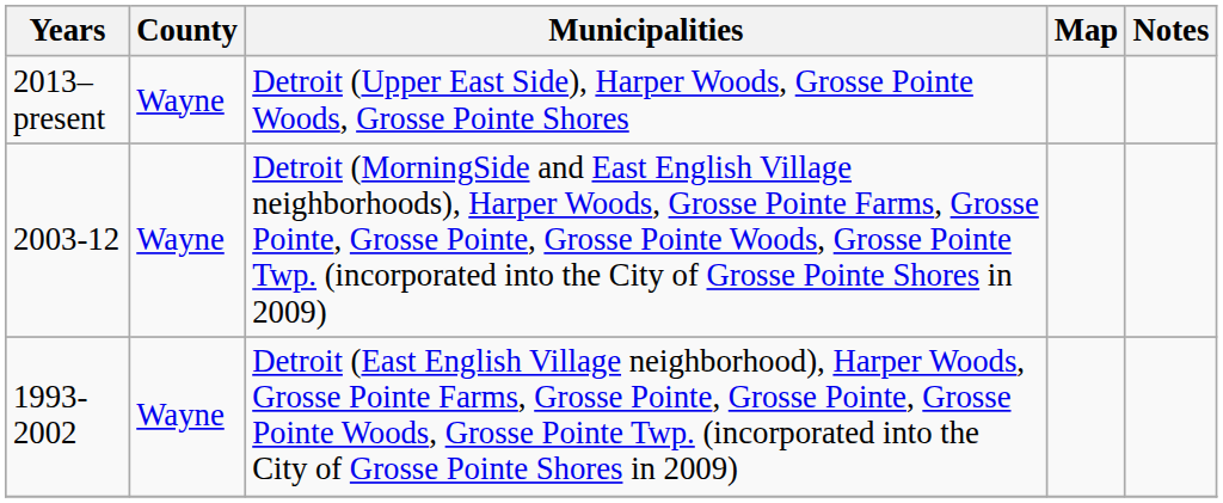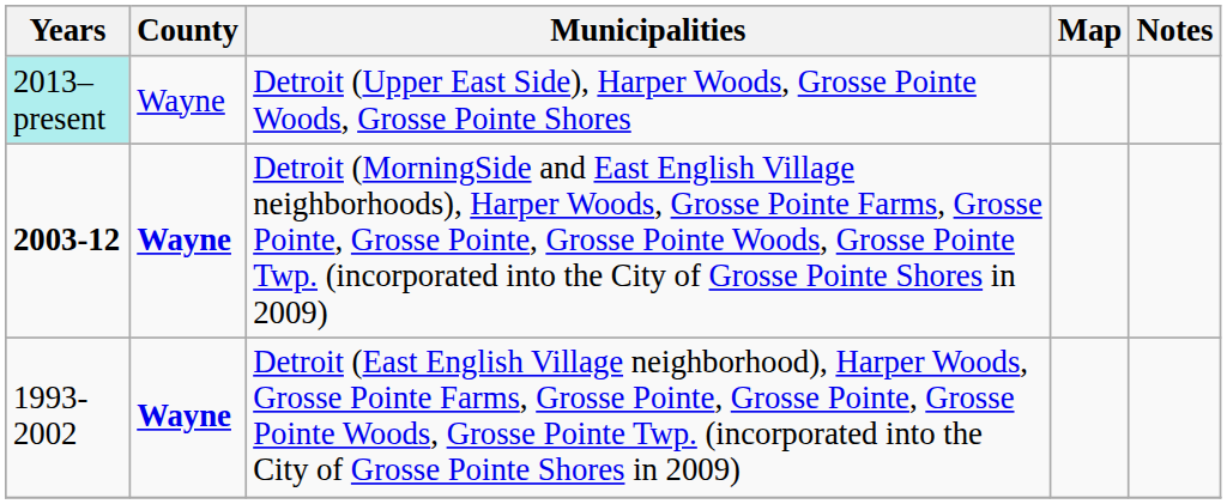 <table class=wikitable>
 <tr valign=bottom>
 <th>Years</th>
 <th>County</th>
 <th>Municipalities</th>
 <th>Map</th>
 <th>Notes</th>
 </tr>
 <tr>
-<td>2013–present</td>
+<td style="background: paleturquoise;">2013–present</td>
 <td><a href='#'>Wayne</a></td>
 <td><a href='#'>Detroit</a> (<a href='#'>Upper East Side</a>), <a href='#'>Harper Woods</a>, <a href='#'>Grosse Pointe Woods</a>, <a href='#'>Grosse Pointe Shores</a></td>
 <td></td>
 <td></td>
 </tr>
 <tr>
-<td>2003-12</td>
-<td><a href='#'>Wayne</a></td>
+<td><strong>2003-12</strong></td>
+<td><strong><a href='#'>Wayne</a></strong></td>
 <td><a href='#'>Detroit</a> (<a href='#'>MorningSide</a> and <a href='#'>East English Village</a> neighborhoods), <a href='#'>Harper Woods</a>, <a href='#'>Grosse Pointe Farms</a>, <a href='#'>Grosse Pointe</a>, <a href='#'>Grosse Pointe</a>, <a href='#'>Grosse Pointe Woods</a>,  <a href='#'>Grosse Pointe Twp.</a> (incorporated into the City of <a href='#'>Grosse Pointe Shores</a> in 2009)</td>
 <td></td>
 <td></td>
 </tr>
 <tr>
 <td>1993-2002</td>
-<td><a href='#'>Wayne</a></td>
+<td><strong><a href='#'>Wayne</a></strong></td>
 <td><a href='#'>Detroit</a> (<a href='#'>East English Village</a> neighborhood), <a href='#'>Harper Woods</a>, <a href='#'>Grosse Pointe Farms</a>, <a href='#'>Grosse Pointe</a>, <a href='#'>Grosse Pointe</a>, <a href='#'>Grosse Pointe Woods</a>,  <a href='#'>Grosse Pointe Twp.</a> (incorporated into the City of <a href='#'>Grosse Pointe Shores</a> in 2009)</td>
 <td></td>
 <td></td>
 </tr>
 <tr>
 </tr>
 </table>
